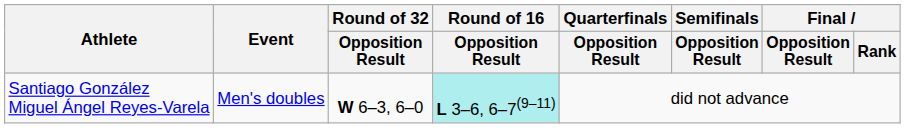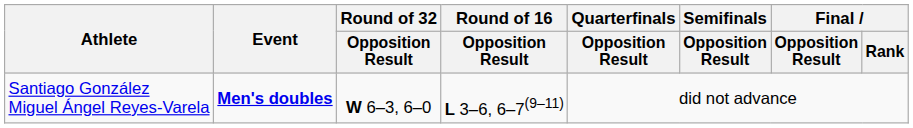 <table class="wikitable" style="font-size:90%;">
 <tr>
 <th rowspan=2>Athlete</th>
 <th rowspan=2>Event</th>
 <th>Round of 32</th>
 <th>Round of 16</th>
 <th>Quarterfinals</th>
 <th>Semifinals</th>
 <th colspan=2>Final / </th>
 </tr>
 <tr style="font-size:95%">
 <th>Opposition<br>Result</th>
 <th>Opposition<br>Result</th>
 <th>Opposition<br>Result</th>
 <th>Opposition<br>Result</th>
 <th>Opposition<br>Result</th>
 <th>Rank</th>
 </tr>
 <tr align=center>
 <td align=left><a href='#'>Santiago González</a><br><a href='#'>Miguel Ángel Reyes-Varela</a></td>
-<td align=left><a href='#'>Men's doubles</a></td>
+<td align=left><strong><a href='#'>Men's doubles</a></strong></td>
 <td><br><strong>W</strong> 6–3, 6–0</td>
-<td style="background: paleturquoise;"><br><strong>L</strong> 3–6, 6–7<sup>(9–11)</sup></td>
+<td><br><strong>L</strong> 3–6, 6–7<sup>(9–11)</sup></td>
 <td colspan=4>did not advance</td>
 </tr>
 </table>
